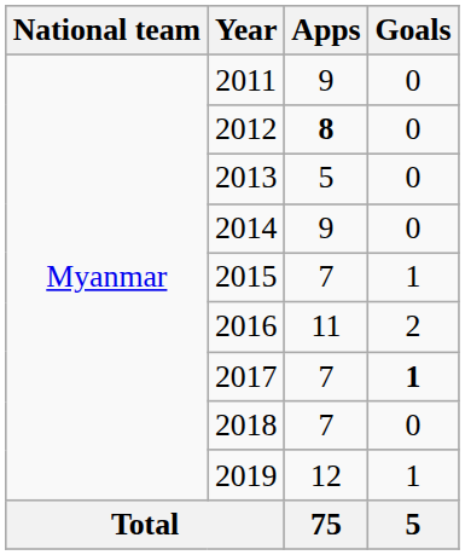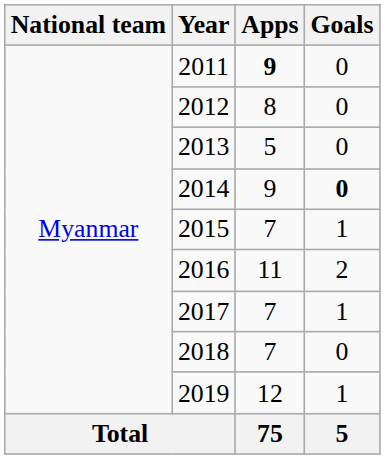 <table class=wikitable style=text-align:center>
 <tr>
 <th>National team</th>
 <th>Year</th>
 <th>Apps</th>
 <th>Goals</th>
 </tr>
 <tr>
 <td rowspan=9><a href='#'>Myanmar</a></td>
 <td>2011</td>
-<td>9</td>
+<td><strong>9</strong></td>
 <td>0</td>
 </tr>
 <tr>
 <td>2012</td>
-<td><strong>8</strong></td>
+<td>8</td>
 <td>0</td>
 </tr>
 <tr>
 <td>2013</td>
 <td>5</td>
 <td>0</td>
 </tr>
 <tr>
 <td>2014</td>
 <td>9</td>
-<td>0</td>
+<td><strong>0</strong></td>
 </tr>
 <tr>
 <td>2015</td>
 <td>7</td>
 <td>1</td>
 </tr>
 <tr>
 <td>2016</td>
 <td>11</td>
 <td>2</td>
 </tr>
 <tr>
 <td>2017</td>
 <td>7</td>
-<td><strong>1</strong></td>
+<td>1</td>
 </tr>
 <tr>
 <td>2018</td>
 <td>7</td>
 <td>0</td>
 </tr>
 <tr>
 <td>2019</td>
 <td>12</td>
 <td>1</td>
 </tr>
 <tr>
 <th colspan=2>Total</th>
 <th>75</th>
 <th>5</th>
 </tr>
 </table>
